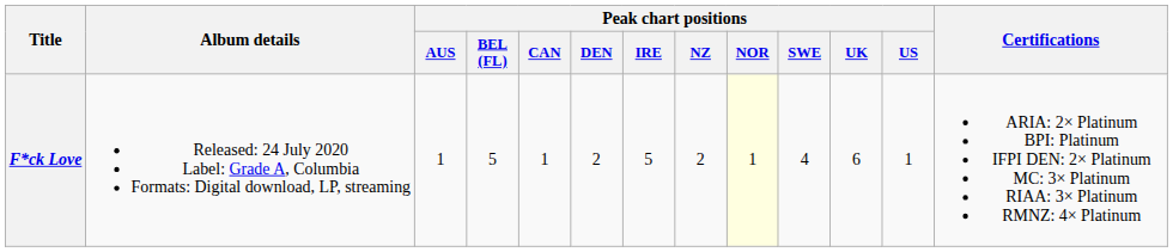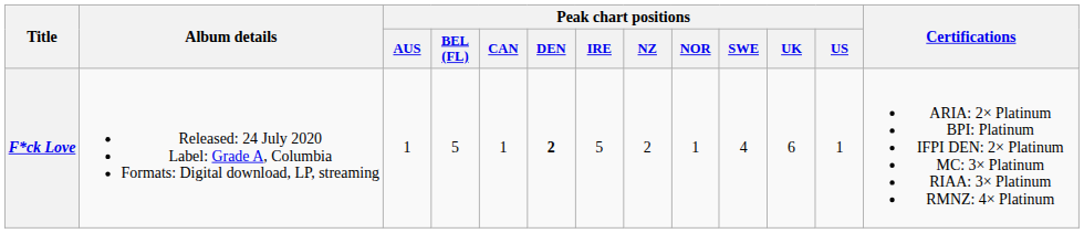 <table class="wikitable plainrowheaders" style="text-align:center;">
 <tr>
 <th scope="col" rowspan="2">Title</th>
 <th scope="col" rowspan="2">Album details</th>
 <th scope="col" colspan="10">Peak chart positions</th>
 <th rowspan="2" style="width:13.5em;"><a href='#'>Certifications</a></th>
 </tr>
 <tr>
 <th scope="col" style="width:3em;font-size:90%;"><a href='#'>AUS</a><br></th>
 <th scope="col" style="width:3em;font-size:90%;"><a href='#'>BEL<br>(FL)</a><br></th>
 <th scope="col" style="width:3em;font-size:90%;"><a href='#'>CAN</a><br></th>
 <th scope="col" style="width:3em;font-size:90%;"><a href='#'>DEN</a><br></th>
 <th scope="col" style="width:3em;font-size:90%;"><a href='#'>IRE</a><br></th>
 <th scope="col" style="width:3em;font-size:90%;"><a href='#'>NZ</a><br></th>
 <th scope="col" style="width:3em;font-size:90%;"><a href='#'>NOR</a><br></th>
 <th scope="col" style="width:3em;font-size:90%;"><a href='#'>SWE</a><br></th>
 <th scope="col" style="width:3em;font-size:90%;"><a href='#'>UK</a><br></th>
 <th scope="col" style="width:3em;font-size:90%;"><a href='#'>US</a><br></th>
 </tr>
 <tr>
 <th scope="row"><em><a href='#'>F*ck Love</a></em></th>
 <td><br><ul><li>Released: 24 July 2020</li><li>Label: <a href='#'>Grade A</a>, Columbia</li><li>Formats: Digital download, LP, streaming</li></ul></td>
 <td>1</td>
 <td>5</td>
 <td>1</td>
-<td>2</td>
+<td><strong>2</strong></td>
 <td>5</td>
 <td>2</td>
-<td style="background: lightyellow;">1</td>
+<td>1</td>
 <td>4</td>
 <td>6</td>
 <td>1</td>
 <td><br><ul><li>ARIA: 2× Platinum</li><li>BPI: Platinum</li><li>IFPI DEN: 2× Platinum</li><li>MC: 3× Platinum</li><li>RIAA: 3× Platinum</li><li>RMNZ: 4× Platinum</li></ul></td>
 </tr>
 </table>
